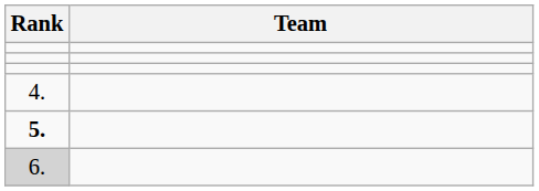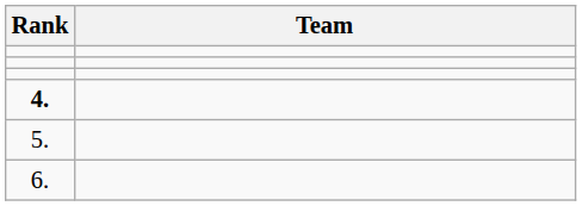 <table class="wikitable" style="font-size:95%;">
 <tr>
 <th>Rank</th>
 <th align="left" style="width: 20em">Team</th>
 </tr>
 <tr>
 <td align="center"></td>
 <td></td>
 </tr>
 <tr>
 <td align="center"></td>
 <td></td>
 </tr>
 <tr>
 <td align="center"></td>
 <td></td>
 </tr>
 <tr>
-<td rowspan=1 align="center">4.</td>
+<td rowspan=1 align="center"><strong>4.</strong></td>
 <td></td>
 </tr>
 <tr>
-<td rowspan=1 align="center"><strong>5.</strong></td>
+<td rowspan=1 align="center">5.</td>
 <td></td>
 </tr>
 <tr>
-<td rowspan=1 align="center" style="background: lightgrey;">6.</td>
+<td rowspan=1 align="center">6.</td>
 <td></td>
 </tr>
 </table>
